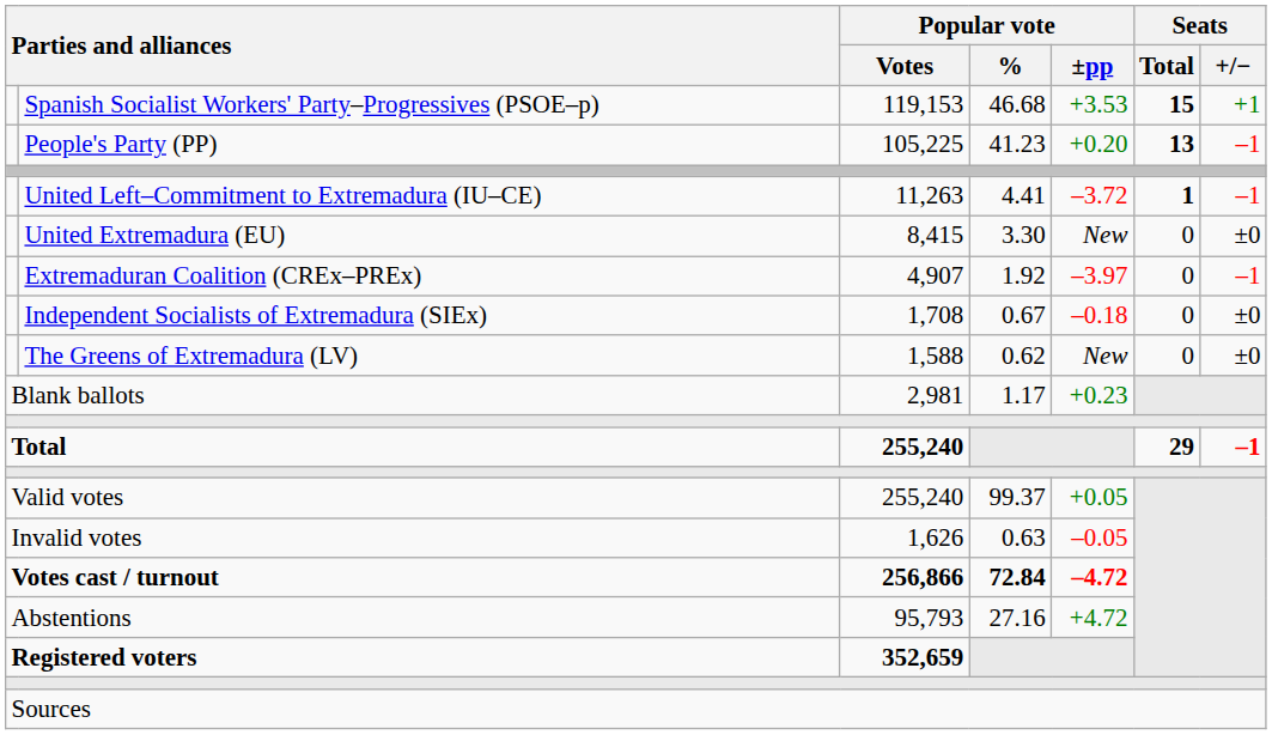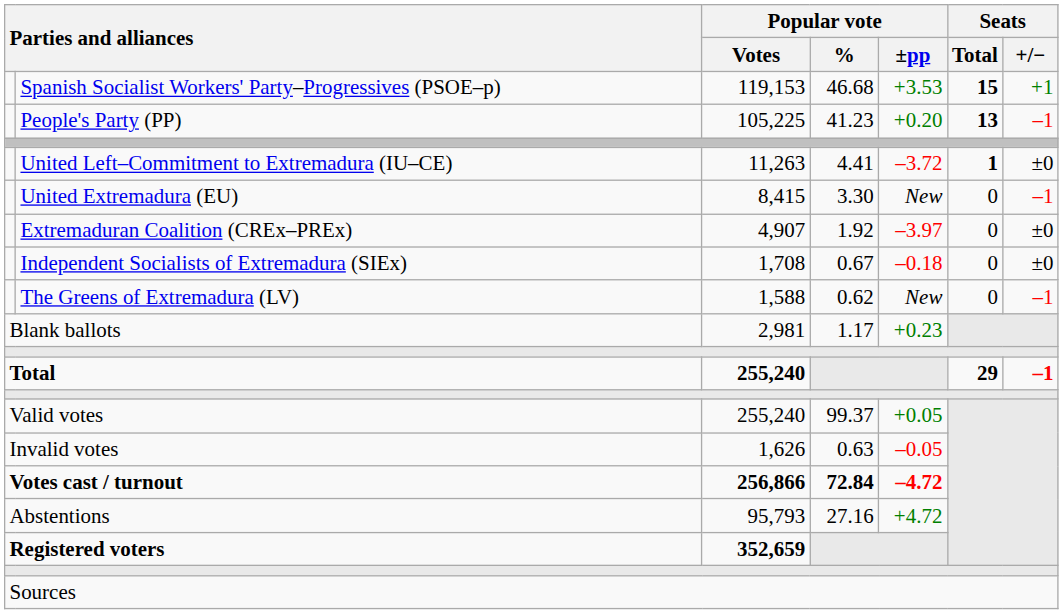 <table class="wikitable" style="text-align:right;">
 <tr>
 <th style="text-align:left;" rowspan="2" colspan="2" width="525">Parties and alliances</th>
 <th colspan="3">Popular vote</th>
 <th colspan="2">Seats</th>
 </tr>
 <tr>
 <th width="75">Votes</th>
 <th width="45">%</th>
 <th width="45">±<a href='#'>pp</a></th>
 <th width="35">Total</th>
 <th width="35">+/−</th>
 </tr>
 <tr>
 <td width="1" style="color:inherit;background:"></td>
 <td align="left"><a href='#'>Spanish Socialist Workers' Party</a>–<a href='#'>Progressives</a> (PSOE–p)</td>
 <td>119,153</td>
 <td>46.68</td>
 <td style="color:green;">+3.53</td>
 <td><strong>15</strong></td>
 <td style="color:green;">+1</td>
 </tr>
 <tr>
 <td style="color:inherit;background:"></td>
 <td align="left"><a href='#'>People's Party</a> (PP)</td>
 <td>105,225</td>
 <td>41.23</td>
 <td style="color:green;">+0.20</td>
 <td><strong>13</strong></td>
 <td style="color:red;">–1</td>
 </tr>
 <tr>
 <td colspan="7" bgcolor="#C0C0C0"></td>
 </tr>
 <tr>
 <td style="color:inherit;background:"></td>
 <td align="left"><a href='#'>United Left–Commitment to Extremadura</a> (IU–CE)</td>
 <td>11,263</td>
 <td>4.41</td>
 <td style="color:red;">–3.72</td>
 <td><strong>1</strong></td>
-<td style="color:red;">–1</td>
+<td>±0</td>
 </tr>
 <tr>
 <td style="color:inherit;background:"></td>
 <td align="left"><a href='#'>United Extremadura</a> (EU)</td>
 <td>8,415</td>
 <td>3.30</td>
 <td><em>New</em></td>
 <td>0</td>
-<td>±0</td>
+<td style="color:red;">–1</td>
 </tr>
 <tr>
 <td style="color:inherit;background:"></td>
 <td align="left"><a href='#'>Extremaduran Coalition</a> (CREx–PREx)</td>
 <td>4,907</td>
 <td>1.92</td>
 <td style="color:red;">–3.97</td>
 <td>0</td>
-<td style="color:red;">–1</td>
+<td>±0</td>
 </tr>
 <tr>
 <td style="color:inherit;background:"></td>
 <td align="left"><a href='#'>Independent Socialists of Extremadura</a> (SIEx)</td>
 <td>1,708</td>
 <td>0.67</td>
 <td style="color:red;">–0.18</td>
 <td>0</td>
 <td>±0</td>
 </tr>
 <tr>
 <td style="color:inherit;background:"></td>
 <td align="left"><a href='#'>The Greens of Extremadura</a> (LV)</td>
 <td>1,588</td>
 <td>0.62</td>
 <td><em>New</em></td>
 <td>0</td>
-<td>±0</td>
+<td style="color:red;">–1</td>
 </tr>
 <tr>
 <td align="left" colspan="2">Blank ballots</td>
 <td>2,981</td>
 <td>1.17</td>
 <td style="color:green;">+0.23</td>
 <td bgcolor="#E9E9E9" colspan="2"></td>
 </tr>
 <tr>
 <td colspan="7" bgcolor="#E9E9E9"></td>
 </tr>
 <tr style="font-weight:bold;">
 <td align="left" colspan="2">Total</td>
 <td>255,240</td>
 <td bgcolor="#E9E9E9" colspan="2"></td>
 <td>29</td>
 <td style="color:red;">–1</td>
 </tr>
 <tr>
 <td colspan="7" bgcolor="#E9E9E9"></td>
 </tr>
 <tr>
 <td align="left" colspan="2">Valid votes</td>
 <td>255,240</td>
 <td>99.37</td>
 <td style="color:green;">+0.05</td>
 <td bgcolor="#E9E9E9" colspan="2" rowspan="5"></td>
 </tr>
 <tr>
 <td align="left" colspan="2">Invalid votes</td>
 <td>1,626</td>
 <td>0.63</td>
 <td style="color:red;">–0.05</td>
 </tr>
 <tr style="font-weight:bold;">
 <td align="left" colspan="2">Votes cast / turnout</td>
 <td>256,866</td>
 <td>72.84</td>
 <td style="color:red;">–4.72</td>
 </tr>
 <tr>
 <td align="left" colspan="2">Abstentions</td>
 <td>95,793</td>
 <td>27.16</td>
 <td style="color:green;">+4.72</td>
 </tr>
 <tr style="font-weight:bold;">
 <td align="left" colspan="2">Registered voters</td>
 <td>352,659</td>
 <td bgcolor="#E9E9E9" colspan="2"></td>
 </tr>
 <tr>
 <td colspan="7" bgcolor="#E9E9E9"></td>
 </tr>
 <tr>
 <td align="left" colspan="7">Sources</td>
 </tr>
 </table>
